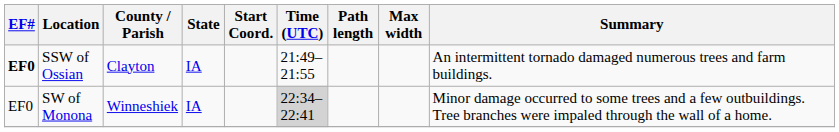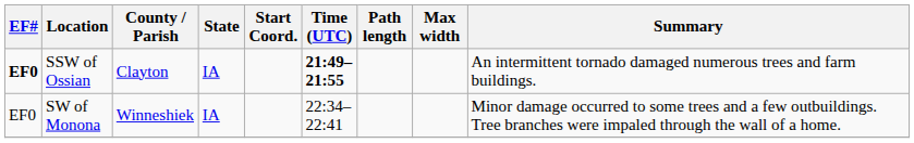 <table class="wikitable sortable" style="width:100%;">
 <tr>
 <th scope="col"  style="width:3%; text-align:center;"><a href='#'>EF#</a></th>
 <th scope="col"  style="width:7%; text-align:center;" class="unsortable">Location</th>
 <th scope="col"  style="width:6%; text-align:center;" class="unsortable">County / Parish</th>
 <th scope="col"  style="width:5%; text-align:center;">State</th>
 <th scope="col"  style="width:6%; text-align:center;">Start Coord.</th>
 <th scope="col"  style="width:6%; text-align:center;">Time (<a href='#'>UTC</a>)</th>
 <th scope="col"  style="width:6%; text-align:center;">Path length</th>
 <th scope="col"  style="width:6%; text-align:center;">Max width</th>
 <th scope="col" class="unsortable" style="width:48%; text-align:center;">Summary</th>
 </tr>
 <tr>
 <td bgcolor=><strong>EF0</strong></td>
 <td>SSW of <a href='#'>Ossian</a></td>
 <td><a href='#'>Clayton</a></td>
 <td><a href='#'>IA</a></td>
 <td></td>
-<td>21:49–21:55</td>
+<td><strong>21:49–21:55</strong></td>
 <td></td>
 <td></td>
 <td>An intermittent tornado damaged numerous trees and farm buildings.</td>
 </tr>
 <tr>
 <td bgcolor=>EF0</td>
 <td>SW of <a href='#'>Monona</a></td>
 <td><a href='#'>Winneshiek</a></td>
 <td><a href='#'>IA</a></td>
 <td></td>
-<td style="background: lightgrey;">22:34–22:41</td>
+<td>22:34–22:41</td>
 <td></td>
 <td></td>
 <td>Minor damage occurred to some trees and a few outbuildings. Tree branches were impaled through the wall of a home.</td>
 </tr>
 <tr>
 </tr>
 </table>
